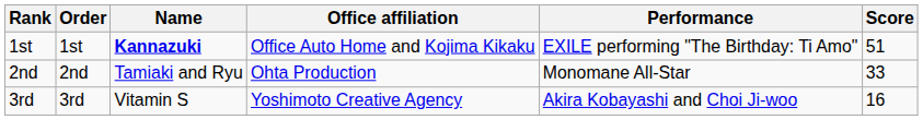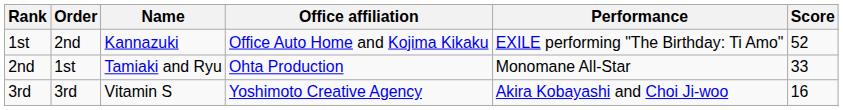 <table class="wikitable">
 <tr>
 <th>Rank</th>
 <th>Order</th>
 <th>Name</th>
 <th>Office affiliation</th>
 <th>Performance</th>
 <th>Score</th>
 </tr>
 <tr>
 <td>1st</td>
-<td>1st</td>
-<td><strong><a href='#'>Kannazuki</a></strong></td>
+<td>2nd</td>
+<td><a href='#'>Kannazuki</a></td>
 <td><a href='#'>Office Auto Home</a> and <a href='#'>Kojima Kikaku</a></td>
 <td><a href='#'>EXILE</a> performing "The Birthday: Ti Amo"</td>
-<td>51</td>
+<td>52</td>
 </tr>
 <tr>
 <td>2nd</td>
-<td>2nd</td>
+<td>1st</td>
 <td><a href='#'>Tamiaki</a> and Ryu</td>
 <td><a href='#'>Ohta Production</a></td>
 <td>Monomane All-Star</td>
 <td>33</td>
 </tr>
 <tr>
 <td>3rd</td>
 <td>3rd</td>
 <td>Vitamin S</td>
 <td><a href='#'>Yoshimoto Creative Agency</a></td>
 <td><a href='#'>Akira Kobayashi</a> and <a href='#'>Choi Ji-woo</a></td>
 <td>16</td>
 </tr>
 </table>
